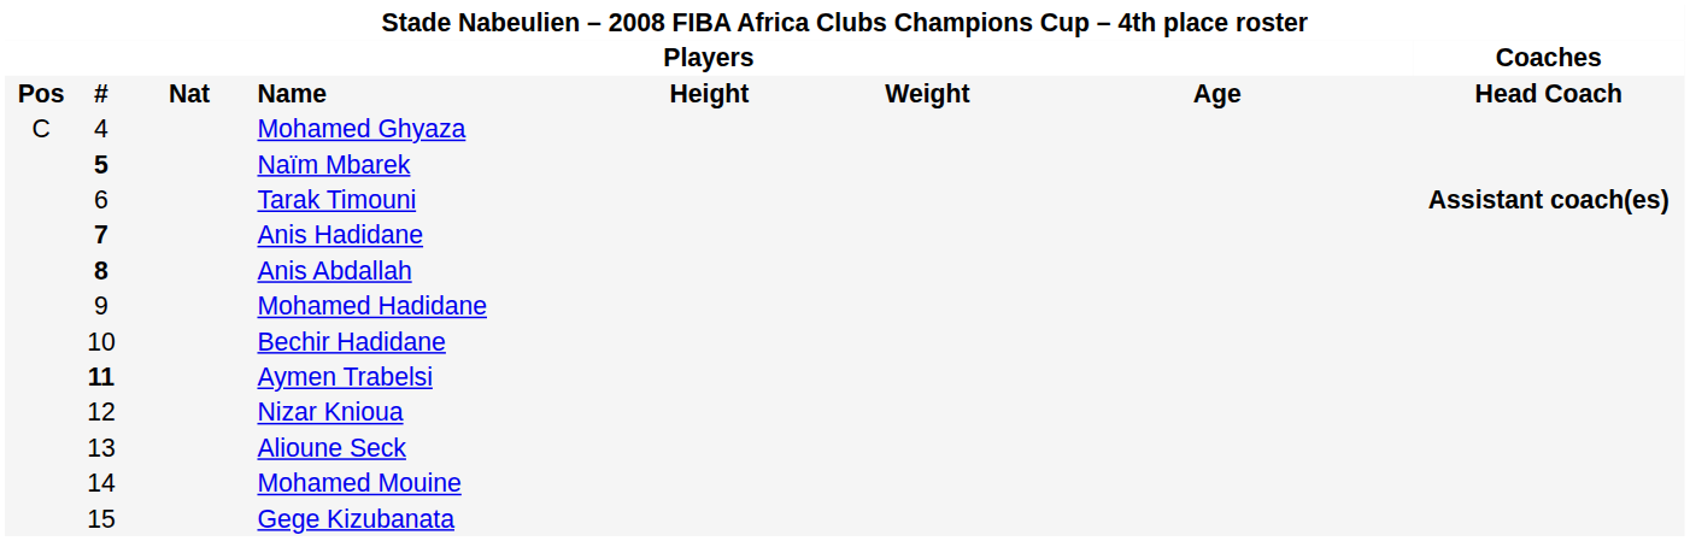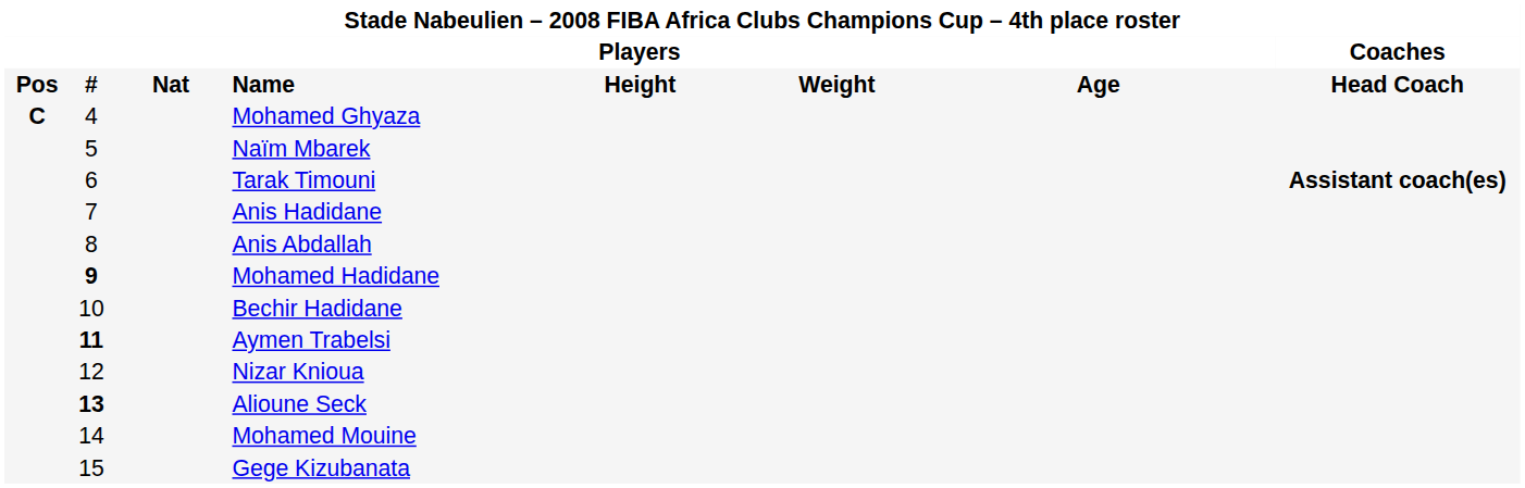 <table border=0 cellpadding=2 cellspacing=0  |- bgcolor=#f5f5f5 style="text-align:center; font-size:90%;" width=75%>
 <tr>
 <td colspan="8" style="background: white; color: black"><strong>Stade Nabeulien – 2008 FIBA Africa Clubs Champions Cup – 4th place roster</strong></td>
 </tr>
 <tr>
 <td colspan="7" style="background: white; color: black"><strong>Players</strong></td>
 <td style="background: white; color: black"><strong>Coaches</strong></td>
 </tr>
 <tr style="background=#f5f5f5; color: black">
 <th width=5px>Pos</th>
 <th width=5px>#</th>
 <th width=50px>Nat</th>
 <th width=135px align=left>Name</th>
 <th width=100px>Height</th>
 <th width=75px>Weight</th>
 <th width=160px>Age</th>
 <th width=110px>Head Coach</th>
 </tr>
 <tr>
-<td>C</td>
+<td><strong>C</strong></td>
 <td>4</td>
 <td></td>
 <td align=left><a href='#'>Mohamed Ghyaza</a></td>
 <td><span></span></td>
 <td><span></span></td>
 <td><span></span></td>
 <td> <a href='#'></a></td>
 </tr>
 <tr>
 <td></td>
-<td><strong>5</strong></td>
+<td>5</td>
 <td></td>
 <td align=left><a href='#'>Naïm Mbarek</a></td>
 <td></td>
 <td></td>
 <td><span></span></td>
 </tr>
 <tr>
 <td></td>
 <td>6</td>
 <td></td>
 <td align=left><a href='#'>Tarak Timouni</a></td>
 <td></td>
 <td></td>
 <td><span></span></td>
 <td><strong>Assistant coach(es)</strong></td>
 </tr>
 <tr>
 <td></td>
-<td><strong>7</strong></td>
+<td>7</td>
 <td></td>
 <td align=left><a href='#'>Anis Hadidane</a></td>
 <td></td>
 <td></td>
 <td><span></span></td>
 </tr>
 <tr>
 <td></td>
-<td><strong>8</strong></td>
+<td>8</td>
 <td></td>
 <td align=left><a href='#'>Anis Abdallah</a></td>
 <td></td>
 <td></td>
 <td><span></span></td>
 </tr>
 <tr>
 <td></td>
-<td>9</td>
+<td><strong>9</strong></td>
 <td></td>
 <td align=left><a href='#'>Mohamed Hadidane</a></td>
 <td></td>
 <td></td>
 <td><span></span></td>
 </tr>
 <tr>
 <td></td>
 <td>10</td>
 <td></td>
 <td align=left><a href='#'>Bechir Hadidane</a></td>
 <td></td>
 <td></td>
 <td><span></span></td>
 </tr>
 <tr>
 <td></td>
 <td><strong>11</strong></td>
 <td></td>
 <td align=left><a href='#'>Aymen Trabelsi</a></td>
 <td></td>
 <td></td>
 <td><span></span></td>
 </tr>
 <tr>
 <td></td>
 <td>12</td>
 <td></td>
 <td align=left><a href='#'>Nizar Knioua</a></td>
 <td></td>
 <td></td>
 <td><span></span></td>
 </tr>
 <tr>
 <td></td>
-<td>13</td>
+<td><strong>13</strong></td>
 <td></td>
 <td align=left><a href='#'>Alioune Seck</a></td>
 <td></td>
 <td></td>
 <td><span></span></td>
 </tr>
 <tr>
 <td></td>
 <td>14</td>
 <td></td>
 <td align=left><a href='#'>Mohamed Mouine</a></td>
 <td></td>
 <td></td>
 <td><span></span></td>
 </tr>
 <tr>
 <td></td>
 <td>15</td>
 <td></td>
 <td align=left><a href='#'>Gege Kizubanata</a></td>
 <td></td>
 <td></td>
 <td><span></span></td>
 </tr>
 </table>
